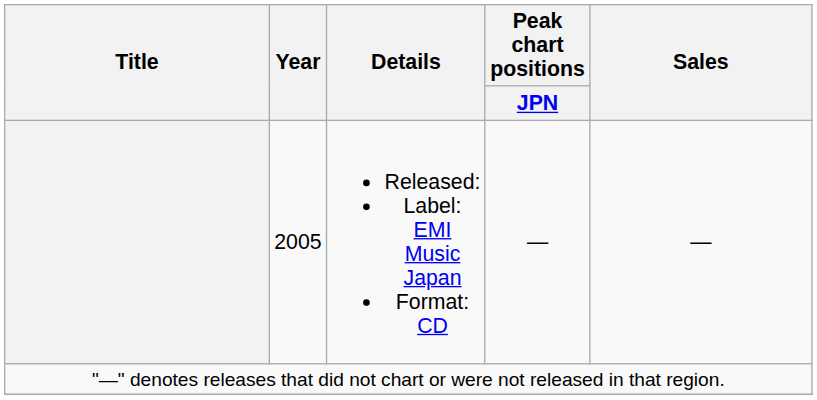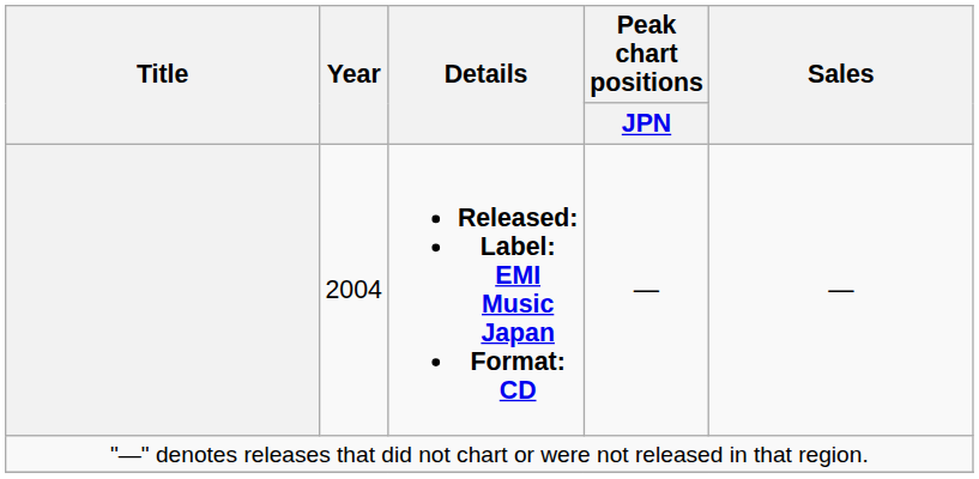 <table class="wikitable plainrowheaders" style="text-align:center;">
 <tr>
 <th rowspan="2" style="width:12em;">Title</th>
 <th rowspan="2">Year</th>
 <th rowspan="2">Details</th>
 <th colspan="1">Peak chart positions</th>
 <th rowspan="2" style="width:10em;">Sales</th>
 </tr>
 <tr>
 <th width="30"><a href='#'>JPN</a></th>
 </tr>
 <tr>
 <th scope="row"></th>
-<td>2005</td>
-<td><br><ul><li>Released: </li><li>Label: <a href='#'>EMI Music Japan</a></li><li>Format: <a href='#'>CD</a></li></ul></td>
+<td>2004</td>
+<td><strong><br><ul><li>Released: </li><li>Label: <a href='#'>EMI Music Japan</a></li><li>Format: <a href='#'>CD</a></li></ul></strong></td>
 <td>—</td>
 <td>—</td>
 </tr>
 <tr>
 <td colspan="6" style="font-size:90%;">"—" denotes releases that did not chart or were not released in that region.</td>
 </tr>
 <tr>
 </tr>
 </table>
